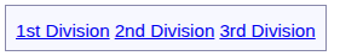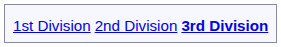 <table style="border:1px solid #8888aa; background-color:#f7f8ff; padding:5px; font-size:95%; float: left; margin: 0px 12px 12px 0px;">
 <tr>
 <td align="center"></td>
 <td></td>
 <td></td>
 </tr>
 <tr>
 <td align="center"><a href='#'>1st Division</a></td>
 <td align="center"><a href='#'>2nd Division</a></td>
-<td align="center"><a href='#'>3rd Division</a></td>
+<td align="center"><strong><a href='#'>3rd Division</a></strong></td>
 </tr>
 </table>
